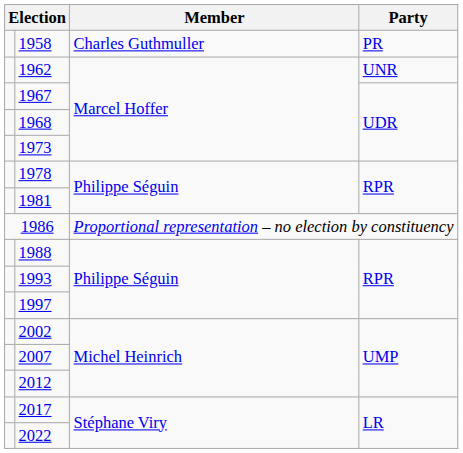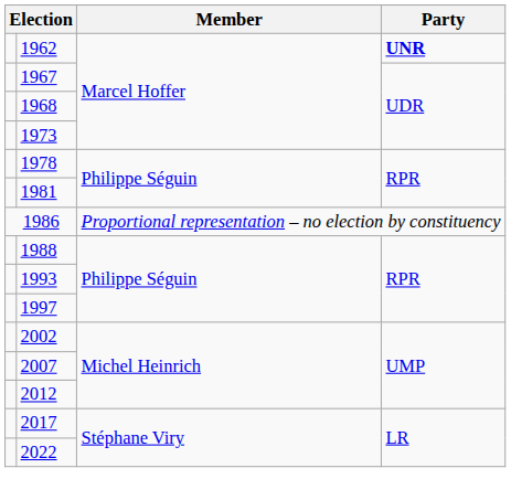 <table class="wikitable">
 <tr>
 <th colspan="2">Election</th>
 <th>Member</th>
 <th>Party</th>
 </tr>
 <tr>
 <td style="background-color: "></td>
-<td><a href='#'>1958</a></td>
-<td><a href='#'>Charles Guthmuller</a></td>
-<td><a href='#'>PR</a></td>
-</tr>
-<tr>
-<td style="background-color: "></td>
 <td><a href='#'>1962</a></td>
 <td rowspan="4"><a href='#'>Marcel Hoffer</a></td>
-<td><a href='#'>UNR</a></td>
+<td><strong><a href='#'>UNR</a></strong></td>
 </tr>
 <tr>
 <td style="background-color: "></td>
 <td><a href='#'>1967</a></td>
 <td rowspan="3"><a href='#'>UDR</a></td>
 </tr>
 <tr>
 <td style="background-color: "></td>
 <td><a href='#'>1968</a></td>
 </tr>
 <tr>
 <td style="background-color: "></td>
 <td><a href='#'>1973</a></td>
 </tr>
 <tr>
 <td style="background-color: "></td>
 <td><a href='#'>1978</a></td>
 <td rowspan="2"><a href='#'>Philippe Séguin</a></td>
 <td rowspan="2"><a href='#'>RPR</a></td>
 </tr>
 <tr>
 <td style="background-color: "></td>
 <td><a href='#'>1981</a></td>
 </tr>
 <tr>
 <td colspan="2" align="center"><a href='#'>1986</a></td>
 <td colspan="2"><em><a href='#'>Proportional representation</a> – no election by constituency</em></td>
 </tr>
 <tr>
 <td style="background-color: "></td>
 <td><a href='#'>1988</a></td>
 <td rowspan="3"><a href='#'>Philippe Séguin</a></td>
 <td rowspan="3"><a href='#'>RPR</a></td>
 </tr>
 <tr>
 <td style="background-color: "></td>
 <td><a href='#'>1993</a></td>
 </tr>
 <tr>
 <td style="background-color: "></td>
 <td><a href='#'>1997</a></td>
 </tr>
 <tr>
 <td style="background-color: "></td>
 <td><a href='#'>2002</a></td>
 <td rowspan="3"><a href='#'>Michel Heinrich</a></td>
 <td rowspan="3"><a href='#'>UMP</a></td>
 </tr>
 <tr>
 <td style="background-color: "></td>
 <td><a href='#'>2007</a></td>
 </tr>
 <tr>
 <td style="background-color: "></td>
 <td><a href='#'>2012</a></td>
 </tr>
 <tr>
 <td style="background-color: "></td>
 <td><a href='#'>2017</a></td>
 <td rowspan="2"><a href='#'>Stéphane Viry</a></td>
 <td rowspan="2"><a href='#'>LR</a></td>
 </tr>
 <tr>
 <td style="background-color: "></td>
 <td><a href='#'>2022</a></td>
 </tr>
 </table>
